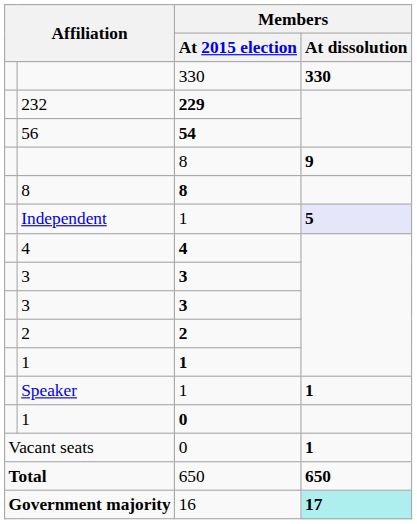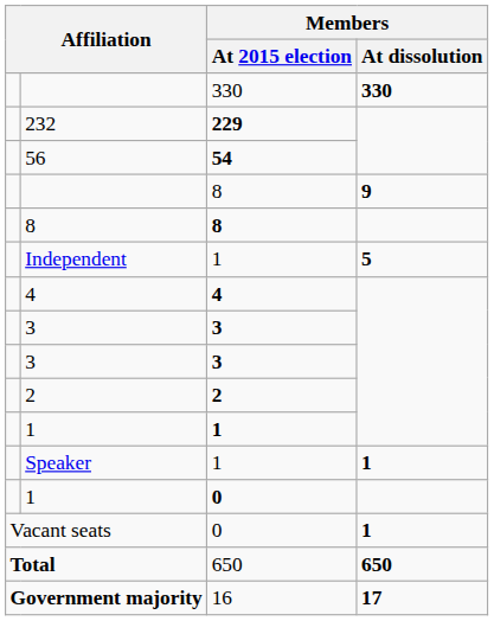 <table class="wikitable" border="1" style="font-size:95%;">
 <tr>
 <th colspan="2" rowspan="2" style="text-align:center;vertical-align:middle;">Affiliation</th>
 <th colspan="2" style="vertical-align:top;">Members</th>
 </tr>
 <tr>
 <th>At <a href='#'>2015 election</a></th>
 <th>At dissolution</th>
 </tr>
 <tr>
 <td style="width: 4px" style="background-color:"></td>
 <td style="text-align: left;" scope="row"><a href='#'></a></td>
 <td>330</td>
 <td><strong>330</strong></td>
 </tr>
 <tr>
 <td></td>
 <td>232</td>
 <td><strong>229</strong></td>
 </tr>
 <tr>
 <td></td>
 <td>56</td>
 <td><strong>54</strong></td>
 </tr>
 <tr>
 <td style="width: 4px" style="background-color:"></td>
 <td style="text-align: left;" scope="row"><a href='#'></a></td>
 <td>8</td>
 <td><strong>9</strong></td>
 </tr>
 <tr>
 <td></td>
 <td>8</td>
 <td><strong>8</strong></td>
 </tr>
 <tr>
 <td style="background-color:"> </td>
 <td><a href='#'>Independent</a></td>
 <td>1</td>
-<td style="background: lavender;"><strong>5</strong></td>
+<td><strong>5</strong></td>
 </tr>
 <tr>
 <td></td>
 <td>4</td>
 <td><strong>4</strong></td>
 </tr>
 <tr>
 <td></td>
 <td>3</td>
 <td><strong>3</strong></td>
 </tr>
 <tr>
 <td></td>
 <td>3</td>
 <td><strong>3</strong></td>
 </tr>
 <tr>
 <td></td>
 <td>2</td>
 <td><strong>2</strong></td>
 </tr>
 <tr>
 <td></td>
 <td>1</td>
 <td><strong>1</strong></td>
 </tr>
 <tr>
 <td style="background-color:"> </td>
 <td><a href='#'>Speaker</a></td>
 <td>1</td>
 <td><strong>1</strong></td>
 </tr>
 <tr>
 <td></td>
 <td>1</td>
 <td><strong>0</strong></td>
 </tr>
 <tr>
 <td colspan=2>Vacant seats</td>
 <td>0</td>
 <td><strong>1</strong></td>
 </tr>
 <tr>
 <td colspan="2" rowspan="1"><strong>Total</strong></td>
 <td>650</td>
 <td><strong>650</strong></td>
 </tr>
 <tr>
 <td colspan="2" rowspan="1"><strong>Government majority</strong></td>
 <td>16</td>
-<td style="background: paleturquoise;"><strong>17</strong></td>
+<td><strong>17</strong></td>
 </tr>
 </table>
